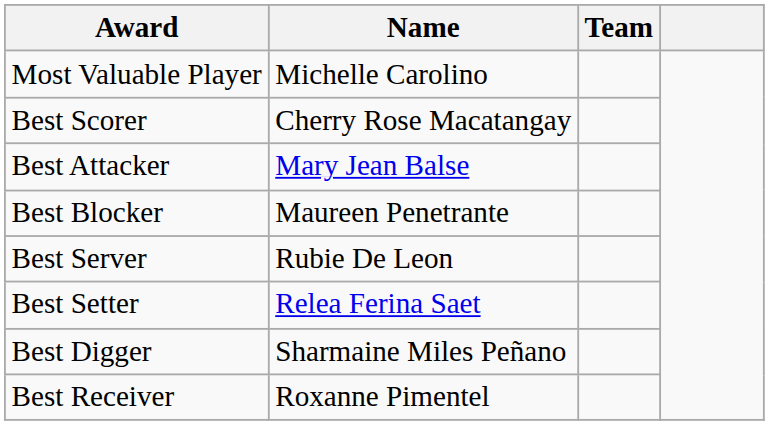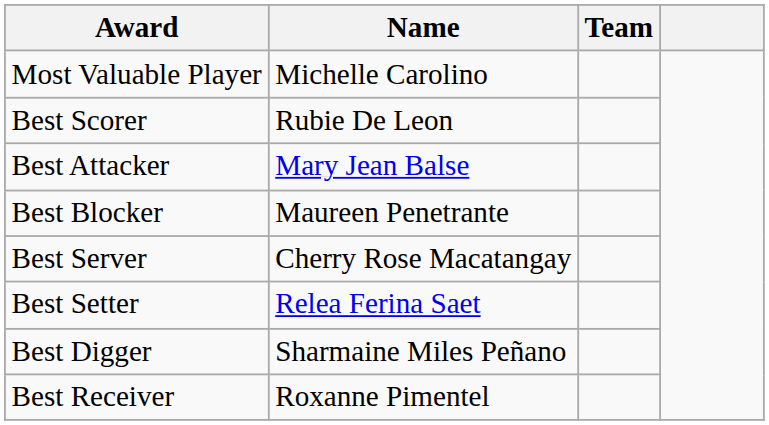 <table class="wikitable">
 <tr>
 <th>Award</th>
 <th>Name</th>
 <th>Team</th>
 <th width=50></th>
 </tr>
 <tr>
 <td>Most Valuable Player</td>
 <td>Michelle Carolino</td>
 <td></td>
 <td align="center" rowspan=8></td>
 </tr>
 <tr>
 <td>Best Scorer</td>
-<td>Cherry Rose Macatangay</td>
+<td>Rubie De Leon</td>
 <td></td>
 </tr>
 <tr>
 <td>Best Attacker</td>
 <td><a href='#'>Mary Jean Balse</a></td>
 <td></td>
 </tr>
 <tr>
 <td>Best Blocker</td>
 <td>Maureen Penetrante</td>
 <td></td>
 </tr>
 <tr>
 <td>Best Server</td>
-<td>Rubie De Leon</td>
+<td>Cherry Rose Macatangay</td>
 <td></td>
 </tr>
 <tr>
 <td>Best Setter</td>
 <td><a href='#'>Relea Ferina Saet</a></td>
 <td></td>
 </tr>
 <tr>
 <td>Best Digger</td>
 <td>Sharmaine Miles Peñano</td>
 <td></td>
 </tr>
 <tr>
 <td>Best Receiver</td>
 <td>Roxanne Pimentel</td>
 <td></td>
 </tr>
 </table>
